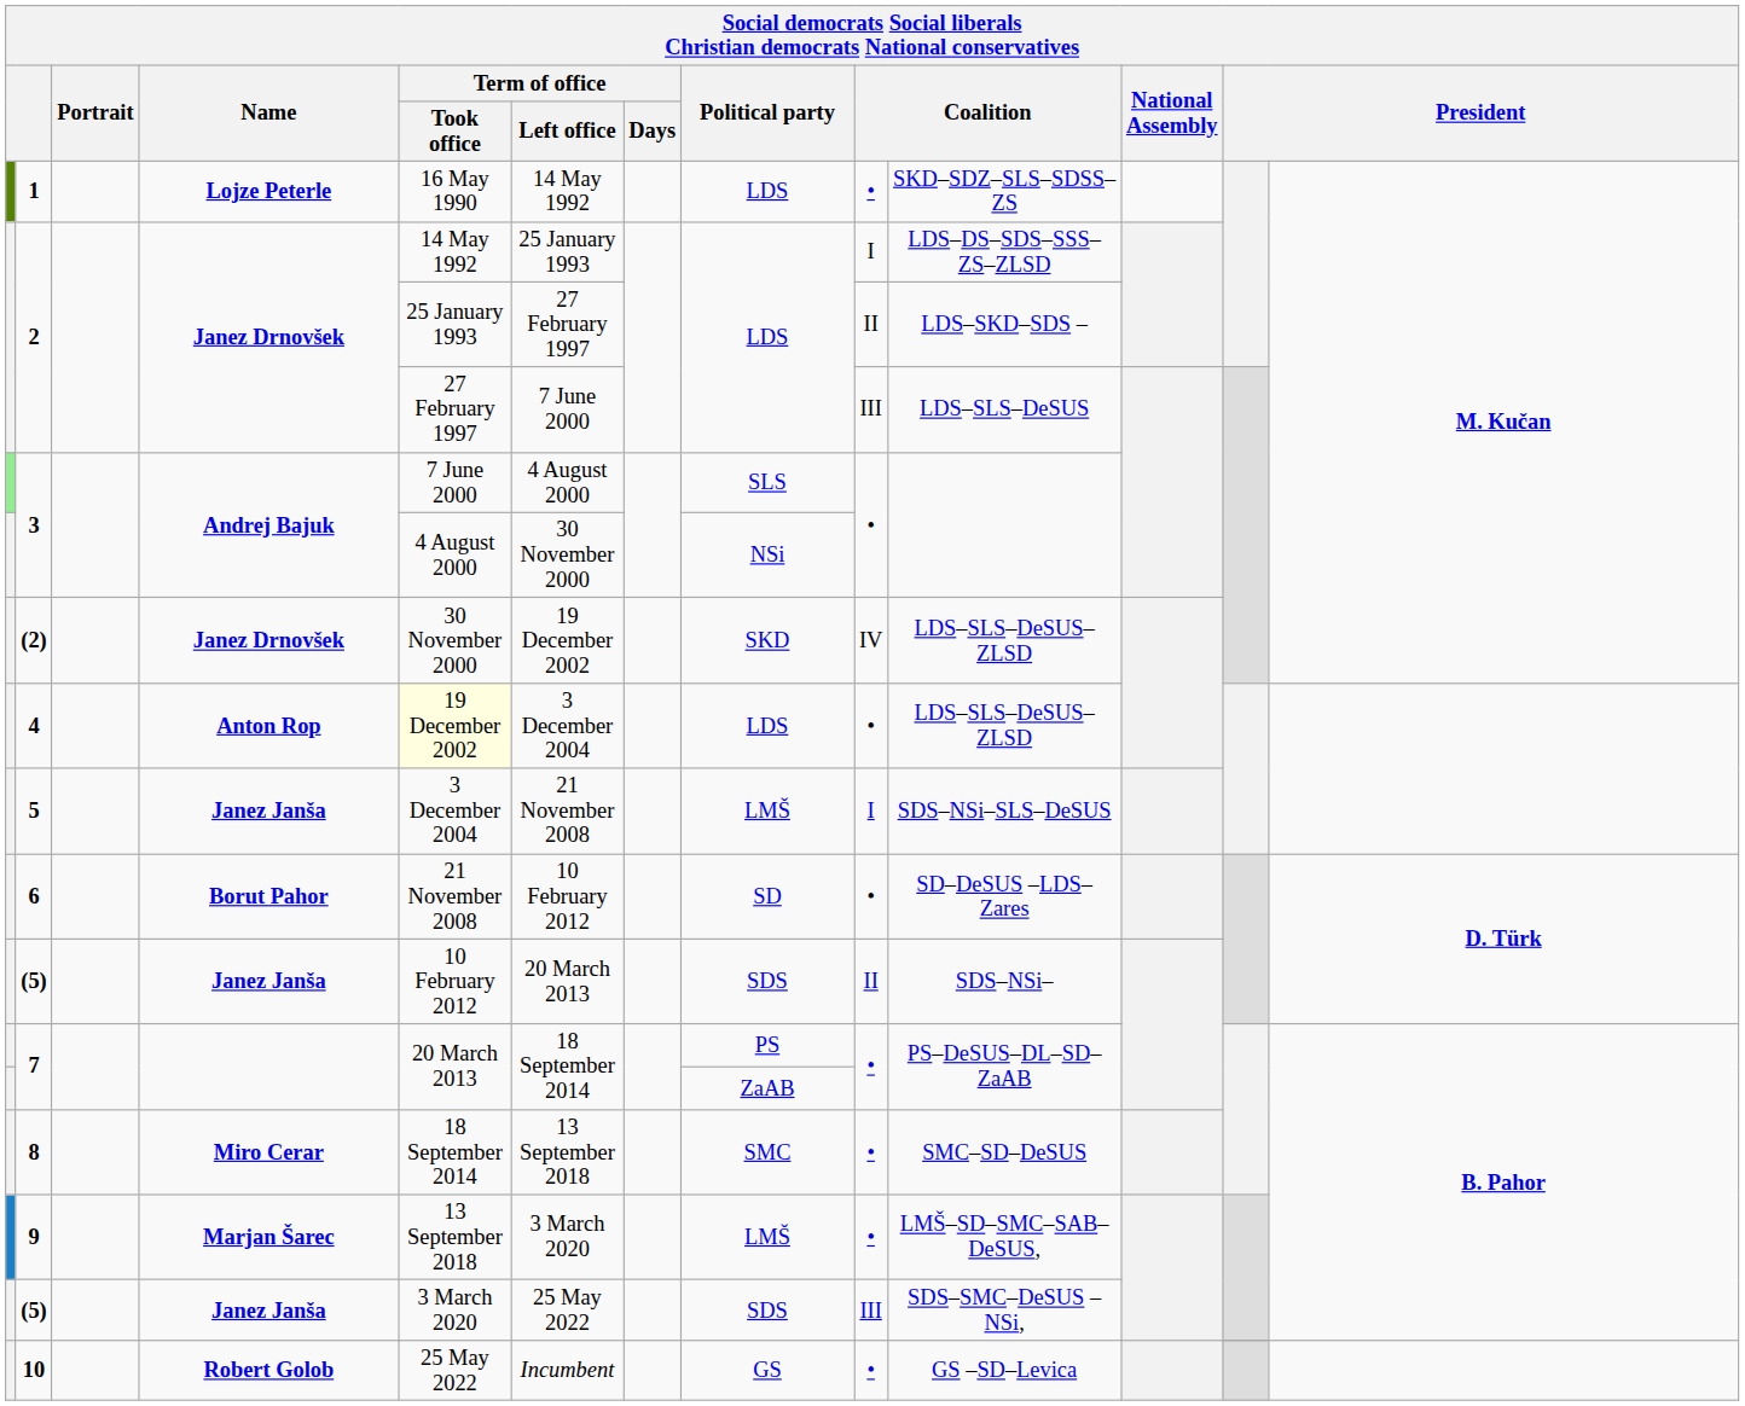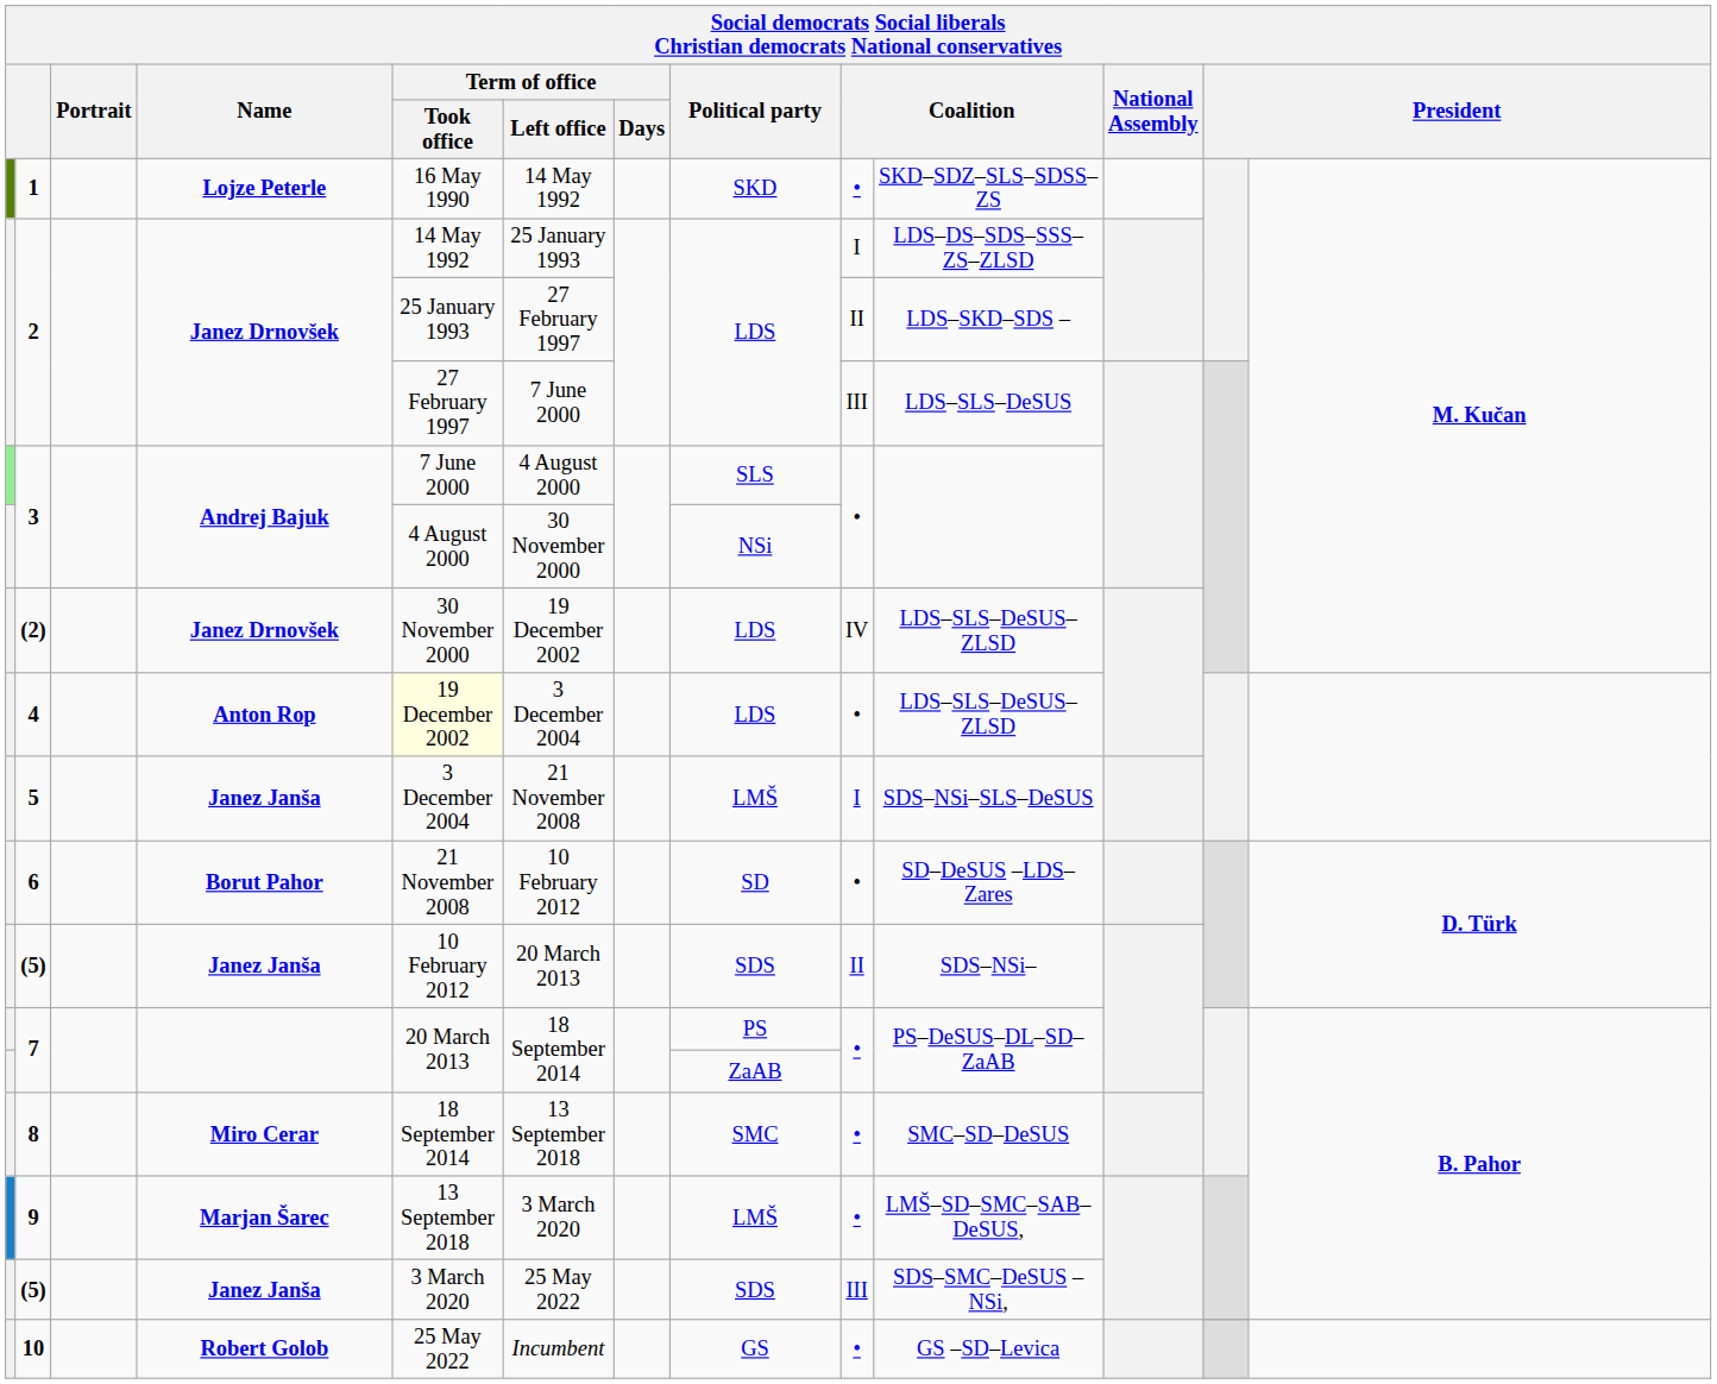 <table class="wikitable plainrowheaders" style="text-align:center">
 <tr>
 <th colspan="13"><a href='#'>Social democrats</a> <a href='#'>Social liberals</a>  <br><a href='#'>Christian democrats</a> <a href='#'>National conservatives</a> </th>
 </tr>
 <tr>
 <th rowspan="2" colspan=2 width="1%"></th>
 <th rowspan="2" width="5%">Portrait</th>
 <th rowspan="2" width="15%">Name<br></th>
 <th colspan="3" width="15%">Term of office</th>
 <th rowspan="2" width="10%">Political party</th>
 <th colspan="2" rowspan="2" width="15%">Coalition</th>
 <th rowspan="2" width="1%"><a href='#'>National Assembly</a></th>
 <th colspan="2" rowspan="2"><a href='#'>President</a><br></th>
 </tr>
 <tr>
 <th>Took office</th>
 <th>Left office</th>
 <th>Days</th>
 </tr>
 <tr>
 <th style="background:#568203; color:black;"></th>
 <td><strong>1</strong></td>
 <td></td>
 <td><strong><a href='#'>Lojze Peterle</a></strong><br></td>
 <td>16 May 1990</td>
 <td>14 May 1992</td>
 <td></td>
-<td><a href='#'>LDS</a></td>
+<td><a href='#'>SKD</a><br></td>
 <td><a href='#'>•</a></td>
 <td><a href='#'>SKD</a>–<a href='#'>SDZ</a>–<a href='#'>SLS</a>–<a href='#'>SDSS</a>–<a href='#'>ZS</a></td>
 <td style="background:"><a href='#'></a></td>
 <th rowspan=3 style="background:"></th>
 <td rowspan=7><strong><a href='#'>M. Kučan</a></strong>  </td>
 </tr>
 <tr>
 <th rowspan=3 style="background-color: "></th>
 <td rowspan=3><strong>2</strong></td>
 <td rowspan=3></td>
 <td rowspan=3><strong><a href='#'>Janez Drnovšek</a></strong><br></td>
 <td>14 May 1992</td>
 <td>25 January 1993</td>
 <td rowspan=3></td>
 <td rowspan=3><a href='#'>LDS</a></td>
 <td>I</td>
 <td><a href='#'>LDS</a>–<a href='#'>DS</a>–<a href='#'>SDS</a>–<a href='#'>SSS</a>–<a href='#'>ZS</a>–<a href='#'>ZLSD</a></td>
 <th rowspan=2 style="background-color:"><a href='#'></a></th>
 </tr>
 <tr>
 <td>25 January 1993</td>
 <td>27 February 1997</td>
 <td>II</td>
 <td><a href='#'>LDS</a>–<a href='#'>SKD</a>–<a href='#'>SDS</a> –</td>
 </tr>
 <tr>
 <td>27 February 1997</td>
 <td>7 June 2000</td>
 <td>III</td>
 <td><a href='#'>LDS</a>–<a href='#'>SLS</a>–<a href='#'>DeSUS</a></td>
 <th rowspan=3 style="background-color:"><a href='#'></a></th>
 <td rowspan=4 style="background:#DDDDDD"></td>
 </tr>
 <tr>
 <th style="background:lightgreen; color:black;"></th>
 <td rowspan=2><strong>3</strong></td>
 <td rowspan=2></td>
 <td rowspan=2><strong><a href='#'>Andrej Bajuk</a></strong><br></td>
 <td>7 June 2000</td>
 <td>4 August 2000</td>
 <td rowspan=2></td>
 <td><a href='#'>SLS</a></td>
 <td rowspan=2>•</td>
 <td rowspan=2></td>
 </tr>
 <tr>
 <th style="background:"></th>
 <td>4 August 2000</td>
 <td>30 November 2000</td>
 <td><a href='#'>NSi</a></td>
 </tr>
 <tr>
 <th style="background:"></th>
 <td><strong>(2)</strong></td>
 <td></td>
 <td><strong><a href='#'>Janez Drnovšek</a></strong><br></td>
 <td>30 November 2000</td>
 <td>19 December 2002</td>
 <td></td>
-<td><a href='#'>SKD</a><br></td>
+<td><a href='#'>LDS</a></td>
 <td>IV</td>
 <td><a href='#'>LDS</a>–<a href='#'>SLS</a>–<a href='#'>DeSUS</a>–<a href='#'>ZLSD</a></td>
 <th rowspan=2 style="background:"><a href='#'></a></th>
 </tr>
 <tr>
 <th style="background:"></th>
 <td><strong>4</strong></td>
 <td></td>
 <td><strong><a href='#'>Anton Rop</a></strong><br></td>
 <td style="background: lightyellow;">19 December 2002</td>
 <td>3 December 2004</td>
 <td></td>
 <td><a href='#'>LDS</a></td>
 <td>•</td>
 <td><a href='#'>LDS</a>–<a href='#'>SLS</a>–<a href='#'>DeSUS</a>–<a href='#'>ZLSD</a></td>
 <th rowspan=2 style="background:"></th>
 <td rowspan=2>  </td>
 </tr>
 <tr>
 <th style="background:"></th>
 <td><strong>5</strong></td>
 <td></td>
 <td><strong><a href='#'>Janez Janša</a></strong><br></td>
 <td>3 December 2004</td>
 <td>21 November 2008</td>
 <td></td>
 <td><a href='#'>LMŠ</a></td>
 <td><a href='#'>I</a></td>
 <td><a href='#'>SDS</a>–<a href='#'>NSi</a>–<a href='#'>SLS</a>–<a href='#'>DeSUS</a></td>
 <th style="background:"><a href='#'></a></th>
 </tr>
 <tr>
 <th style="background-color:"></th>
 <td><strong>6</strong></td>
 <td></td>
 <td><strong><a href='#'>Borut Pahor</a></strong><br></td>
 <td>21 November 2008</td>
 <td>10 February 2012</td>
 <td></td>
 <td><a href='#'>SD</a></td>
 <td>•</td>
 <td><a href='#'>SD</a>–<a href='#'>DeSUS</a> –<a href='#'>LDS</a>–<a href='#'>Zares</a> </td>
 <th style="background-color:"><a href='#'></a></th>
 <th rowspan=2 style="background:#DDDDDD"></th>
 <td rowspan=2><strong><a href='#'>D. Türk</a></strong>  </td>
 </tr>
 <tr>
 <th style="background:"></th>
 <td><strong>(5)</strong></td>
 <td></td>
 <td><strong><a href='#'>Janez Janša</a></strong><br></td>
 <td>10 February 2012</td>
 <td>20 March 2013</td>
 <td></td>
 <td><a href='#'>SDS</a></td>
 <td><a href='#'>II</a></td>
 <td><a href='#'>SDS</a>–<a href='#'>NSi</a>–</td>
 <th rowspan=3 style="background:"><a href='#'></a></th>
 </tr>
 <tr>
 <th style="background:"></th>
 <td rowspan=2><strong>7</strong></td>
 <td rowspan=2></td>
 <td rowspan=2><br></td>
 <td rowspan=2>20 March 2013</td>
 <td rowspan=2>18 September 2014</td>
 <td rowspan=2></td>
 <td><a href='#'>PS</a></td>
 <td rowspan=2><a href='#'>•</a></td>
 <td rowspan=2><a href='#'>PS</a>–<a href='#'>DeSUS</a>–<a href='#'>DL</a>–<a href='#'>SD</a>–<a href='#'>ZaAB</a> </td>
 <th rowspan=3 style="background:"></th>
 <td rowspan=6><strong><a href='#'>B. Pahor</a></strong>  </td>
 </tr>
 <tr>
 <th style="background:"></th>
 <td><a href='#'>ZaAB</a></td>
 </tr>
 <tr>
 <th style="background-color:"></th>
 <td><strong>8</strong></td>
 <td></td>
 <td><strong><a href='#'>Miro Cerar</a></strong><br></td>
 <td>18 September 2014</td>
 <td>13 September 2018</td>
 <td></td>
 <td><a href='#'>SMC</a></td>
 <td><a href='#'>•</a></td>
 <td><a href='#'>SMC</a>–<a href='#'>SD</a>–<a href='#'>DeSUS</a></td>
 <th style="background-color:"><a href='#'></a></th>
 </tr>
 <tr>
 <th style="background:#1980C7"></th>
 <td><strong>9</strong></td>
 <td></td>
 <td><strong><a href='#'>Marjan Šarec</a></strong><br></td>
 <td>13 September 2018</td>
 <td>3 March 2020</td>
 <td></td>
 <td><a href='#'>LMŠ</a></td>
 <td><a href='#'>•</a></td>
 <td><a href='#'>LMŠ</a>–<a href='#'>SD</a>–<a href='#'>SMC</a>–<a href='#'>SAB</a>–<a href='#'>DeSUS</a>, </td>
 <th rowspan=2 style="background:"><a href='#'></a></th>
 <th rowspan=2 style="background:#DDDDDD"></th>
 </tr>
 <tr>
 <th style="background:"></th>
 <td><strong>(5)</strong></td>
 <td></td>
 <td><strong><a href='#'>Janez Janša</a></strong><br></td>
 <td>3 March 2020</td>
 <td>25 May 2022</td>
 <td></td>
 <td><a href='#'>SDS</a></td>
 <td><a href='#'>III</a></td>
 <td><a href='#'>SDS</a>–<a href='#'>SMC</a>–<a href='#'>DeSUS</a> –<a href='#'>NSi</a>, </td>
 </tr>
 <tr>
 <th rowspan=2 style="background-color: "></th>
 <td rowspan=2><strong>10</strong></td>
 <td rowspan=2></td>
 <td rowspan=2><strong><a href='#'>Robert Golob</a></strong><br></td>
 <td rowspan=2>25 May 2022</td>
 <td rowspan=2><em>Incumbent</em></td>
 <td rowspan=2></td>
 <td rowspan=2><a href='#'>GS</a></td>
 <td rowspan=2><a href='#'>•</a></td>
 <td rowspan=2><a href='#'>GS</a> –<a href='#'>SD</a>–<a href='#'>Levica</a></td>
 <th rowspan=2 style="background-color:"><a href='#'></a></th>
 </tr>
 <tr>
 <th style="background:#DDDDDD"></th>
 <td><strong></strong>  </td>
 </tr>
 </table>
